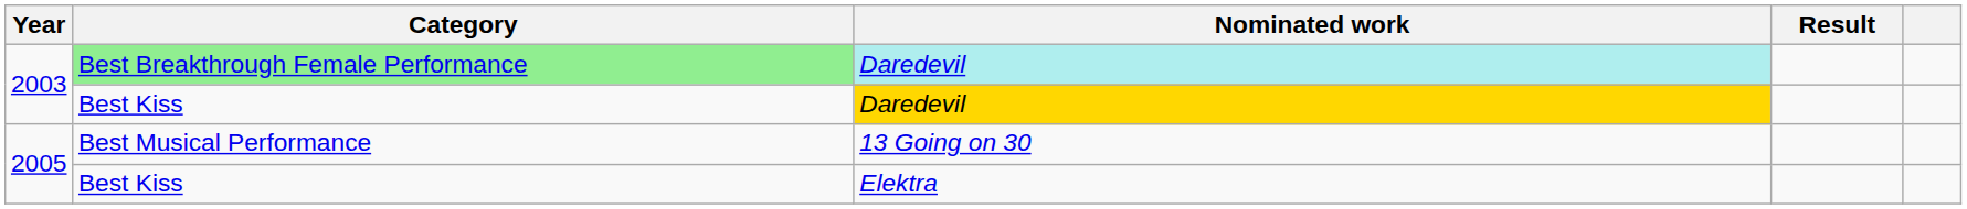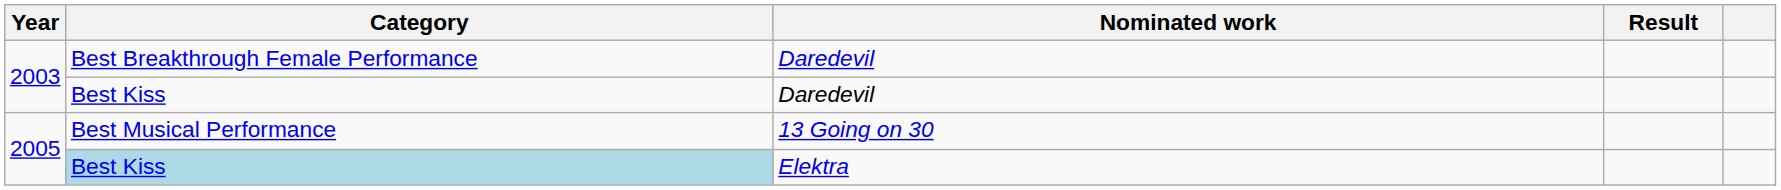 <table class="wikitable sortable">
 <tr>
 <th scope="col" style="width:1em;">Year</th>
 <th scope="col" style="width:33em;">Category</th>
 <th scope="col" style="width:39em;">Nominated work</th>
 <th scope="col" style="width:5em;">Result</th>
 <th scope="col" style="width:2em;" class="unsortable"></th>
 </tr>
 <tr>
 <td rowspan="2"><a href='#'>2003</a></td>
-<td style="background: lightgreen;"><a href='#'>Best Breakthrough Female Performance</a></td>
-<td style="background: paleturquoise;"><em><a href='#'>Daredevil</a></em></td>
+<td><a href='#'>Best Breakthrough Female Performance</a></td>
+<td><em><a href='#'>Daredevil</a></em></td>
 <td></td>
 <td></td>
 </tr>
 <tr>
 <td><a href='#'>Best Kiss</a> </td>
-<td style="background: gold;"><em>Daredevil</em></td>
+<td><em>Daredevil</em></td>
 <td></td>
 <td></td>
 </tr>
 <tr>
 <td rowspan="2"><a href='#'>2005</a></td>
 <td><a href='#'>Best Musical Performance</a> </td>
 <td><em><a href='#'>13 Going on 30</a></em></td>
 <td></td>
 <td></td>
 </tr>
 <tr>
-<td><a href='#'>Best Kiss</a> </td>
+<td style="background: lightblue;"><a href='#'>Best Kiss</a> </td>
 <td><em><a href='#'>Elektra</a></em></td>
 <td></td>
 <td></td>
 </tr>
 </table>
